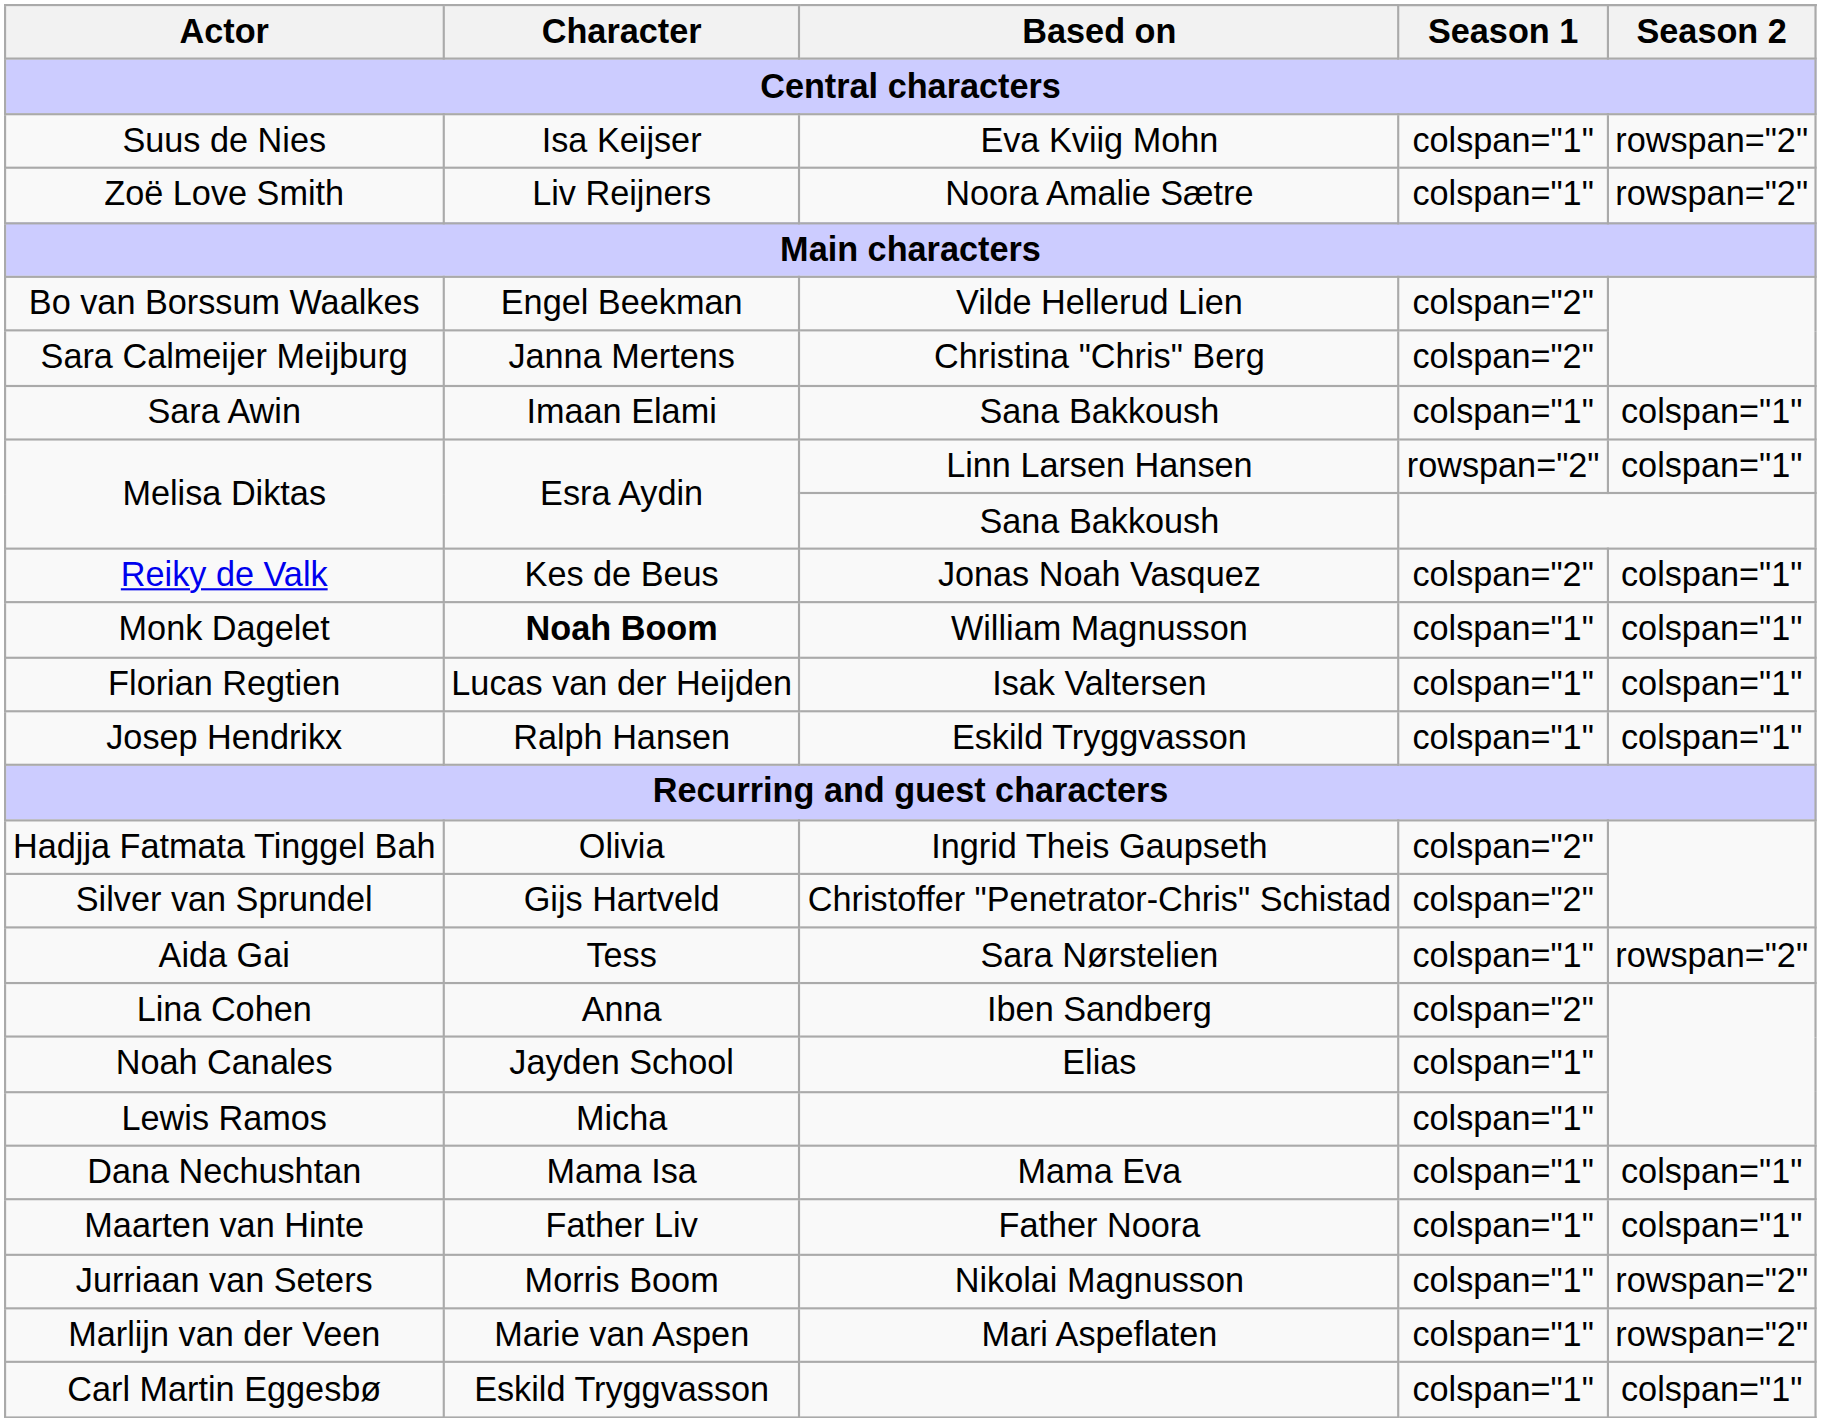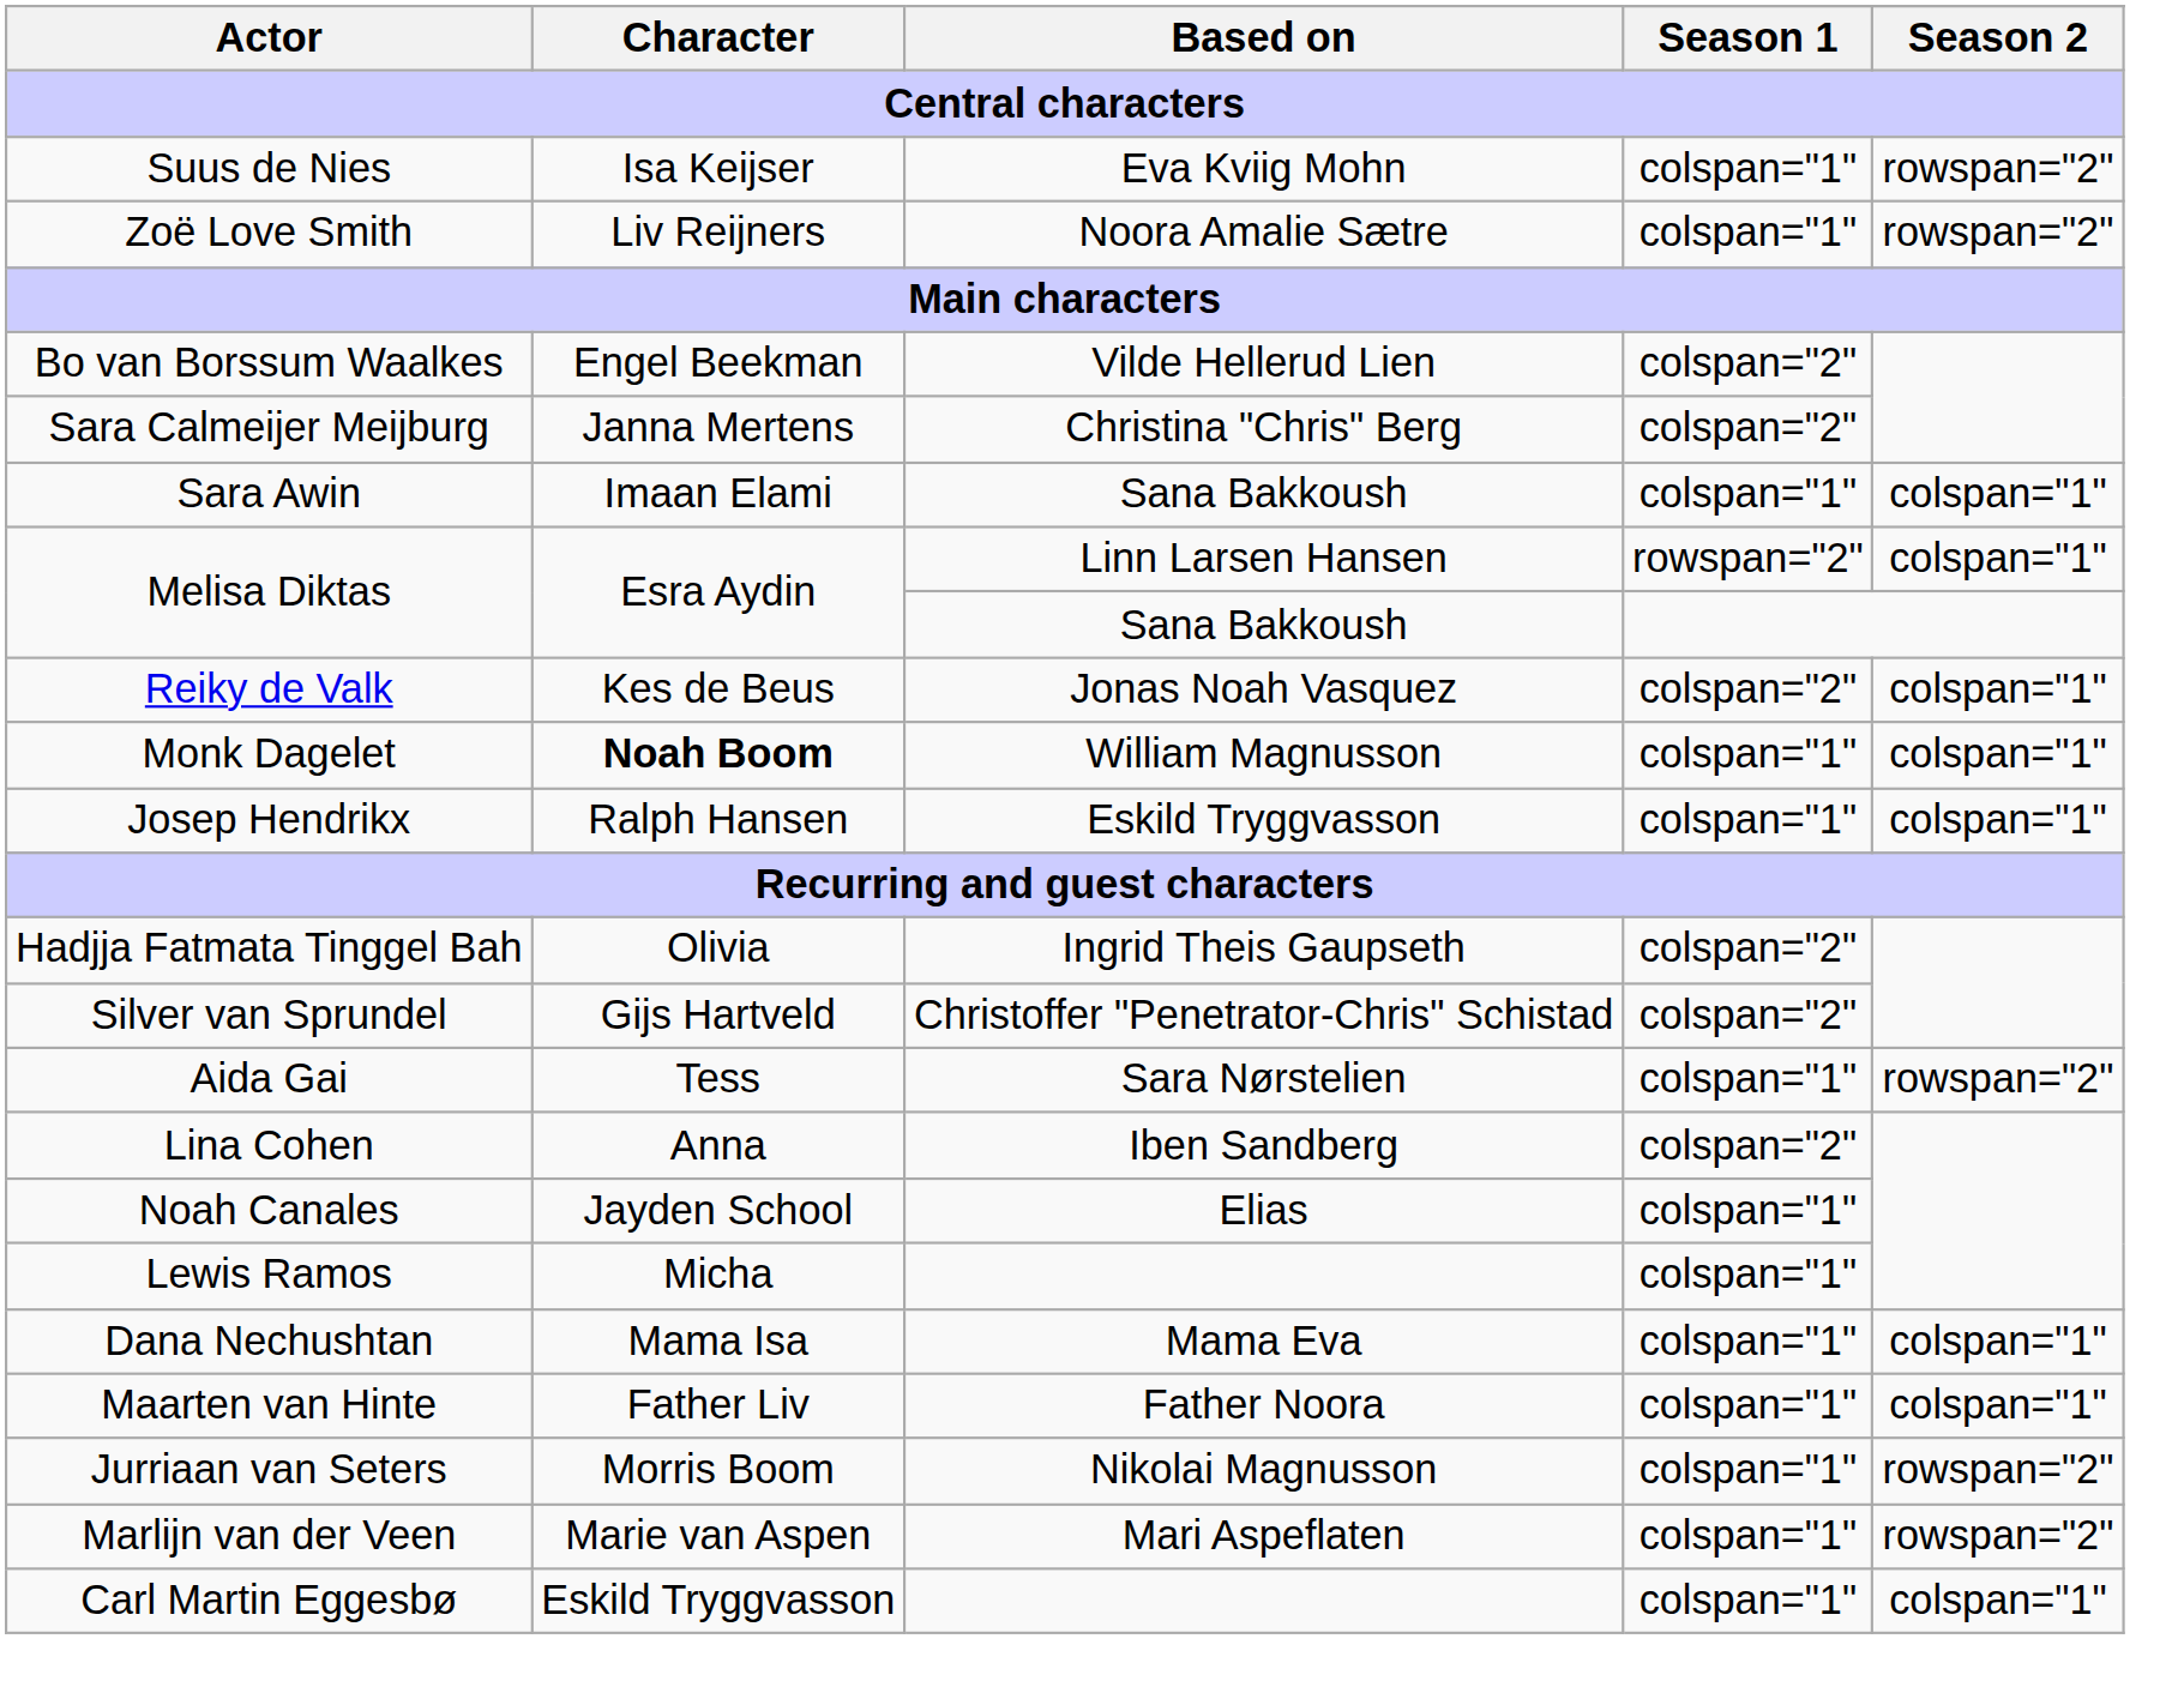 <table class = "wikitable" style="text-align:center;">
 <tr>
 <th rowspan=2>Actor</th>
 <th rowspan=2>Character</th>
 <th rowspan=2>Based on</th>
 </tr>
 <tr>
 <th style="width:6">Season 1</th>
 <th style="width:6">Season 2</th>
 </tr>
 <tr>
 <td scope="row" colspan="5" style="background-color:#ccccff;"><strong>Central characters</strong></td>
 </tr>
 <tr>
 <td>Suus de Nies</td>
 <td>Isa Keijser</td>
 <td>Eva Kviig Mohn</td>
 <td>colspan="1" </td>
 <td>rowspan="2" </td>
 </tr>
 <tr>
 <td>Zoë Love Smith</td>
 <td>Liv Reijners</td>
 <td>Noora Amalie Sætre</td>
 <td>colspan="1" </td>
 <td>rowspan="2" </td>
 </tr>
 <tr>
 <td scope="row" colspan="5" style="background-color:#ccccff;"><strong>Main characters</strong></td>
 </tr>
 <tr>
 <td>Bo van Borssum Waalkes</td>
 <td>Engel Beekman</td>
 <td>Vilde Hellerud Lien</td>
 <td>colspan="2" </td>
 </tr>
 <tr>
 <td>Sara Calmeijer Meijburg</td>
 <td>Janna Mertens</td>
 <td>Christina "Chris" Berg</td>
 <td>colspan="2" </td>
 </tr>
 <tr>
 <td>Sara Awin</td>
 <td>Imaan Elami</td>
 <td>Sana Bakkoush</td>
 <td>colspan="1" </td>
 <td>colspan="1" </td>
 </tr>
 <tr>
 <td rowspan=2>Melisa Diktas</td>
 <td rowspan=2>Esra Aydin</td>
 <td>Linn Larsen Hansen</td>
 <td>rowspan="2" </td>
 <td>colspan="1" </td>
 </tr>
 <tr>
 <td>Sana Bakkoush</td>
 </tr>
 <tr>
 <td><a href='#'>Reiky de Valk</a></td>
 <td>Kes de Beus</td>
 <td>Jonas Noah Vasquez</td>
 <td>colspan="2" </td>
 <td>colspan="1" </td>
 </tr>
 <tr>
 <td>Monk Dagelet</td>
 <td><strong>Noah Boom</strong></td>
 <td>William Magnusson</td>
-<td>colspan="1" </td>
-<td>colspan="1" </td>
-</tr>
-<tr>
-<td>Florian Regtien</td>
-<td>Lucas van der Heijden</td>
-<td>Isak Valtersen</td>
 <td>colspan="1" </td>
 <td>colspan="1" </td>
 </tr>
 <tr>
 <td>Josep Hendrikx</td>
 <td>Ralph Hansen</td>
 <td>Eskild Tryggvasson</td>
 <td>colspan="1" </td>
 <td>colspan="1" </td>
 </tr>
 <tr>
 <td scope="row" colspan="5" style="background-color:#ccccff;"><strong>Recurring and guest characters</strong></td>
 </tr>
 <tr>
 <td>Hadjja Fatmata Tinggel Bah</td>
 <td>Olivia</td>
 <td>Ingrid Theis Gaupseth</td>
 <td>colspan="2" </td>
 </tr>
 <tr>
 <td>Silver van Sprundel</td>
 <td>Gijs Hartveld</td>
 <td>Christoffer "Penetrator-Chris" Schistad</td>
 <td>colspan="2" </td>
 </tr>
 <tr>
 <td>Aida Gai</td>
 <td>Tess</td>
 <td>Sara Nørstelien</td>
 <td>colspan="1" </td>
 <td>rowspan="2" </td>
 </tr>
 <tr>
 <td>Lina Cohen</td>
 <td>Anna</td>
 <td>Iben Sandberg</td>
 <td>colspan="2" </td>
 </tr>
 <tr>
 <td>Noah Canales</td>
 <td>Jayden School</td>
 <td>Elias</td>
 <td>colspan="1" </td>
 </tr>
 <tr>
 <td>Lewis Ramos</td>
 <td>Micha</td>
 <td></td>
 <td>colspan="1" </td>
 </tr>
 <tr>
 <td>Dana Nechushtan</td>
 <td>Mama Isa</td>
 <td>Mama Eva</td>
 <td>colspan="1" </td>
 <td>colspan="1" </td>
 </tr>
 <tr>
 <td>Maarten van Hinte</td>
 <td>Father Liv</td>
 <td>Father Noora</td>
 <td>colspan="1" </td>
 <td>colspan="1" </td>
 </tr>
 <tr>
 <td>Jurriaan van Seters</td>
 <td>Morris Boom</td>
 <td>Nikolai Magnusson</td>
 <td>colspan="1" </td>
 <td>rowspan="2" </td>
 </tr>
 <tr>
 <td>Marlijn van der Veen</td>
 <td>Marie van Aspen</td>
 <td>Mari Aspeflaten</td>
 <td>colspan="1" </td>
 <td>rowspan="2" </td>
 </tr>
 <tr>
 <td>Carl Martin Eggesbø</td>
 <td>Eskild Tryggvasson</td>
 <td></td>
 <td>colspan="1" </td>
 <td>colspan="1" </td>
 </tr>
 </table>
